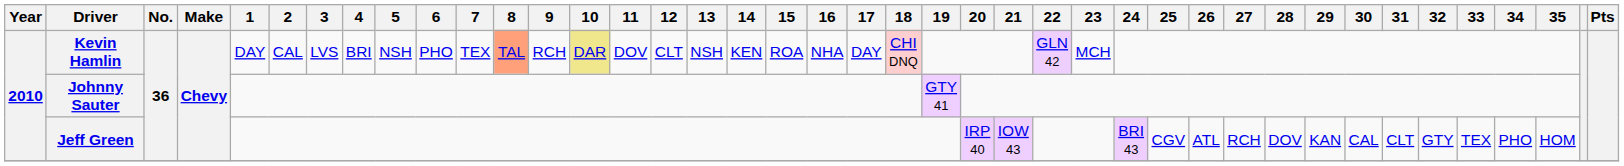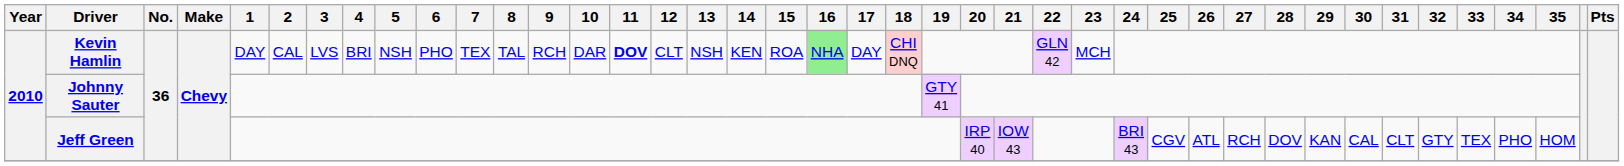 <table class="wikitable" style="text-align:center; font-size:75%">
 <tr>
 <th>Year</th>
 <th>Driver</th>
 <th>No.</th>
 <th>Make</th>
 <th>1</th>
 <th>2</th>
 <th>3</th>
 <th>4</th>
 <th>5</th>
 <th>6</th>
 <th>7</th>
 <th>8</th>
 <th>9</th>
 <th>10</th>
 <th>11</th>
 <th>12</th>
 <th>13</th>
 <th>14</th>
 <th>15</th>
 <th>16</th>
 <th>17</th>
 <th>18</th>
 <th>19</th>
 <th>20</th>
 <th>21</th>
 <th>22</th>
 <th>23</th>
 <th>24</th>
 <th>25</th>
 <th>26</th>
 <th>27</th>
 <th>28</th>
 <th>29</th>
 <th>30</th>
 <th>31</th>
 <th>32</th>
 <th>33</th>
 <th>34</th>
 <th>35</th>
 <th></th>
 <th>Pts</th>
 </tr>
 <tr>
 <th rowspan=3><a href='#'>2010</a></th>
 <th><a href='#'>Kevin Hamlin</a></th>
 <th rowspan=3>36</th>
 <th rowspan=3><a href='#'>Chevy</a></th>
 <td><a href='#'>DAY</a></td>
 <td><a href='#'>CAL</a></td>
 <td><a href='#'>LVS</a></td>
 <td><a href='#'>BRI</a></td>
 <td><a href='#'>NSH</a></td>
 <td><a href='#'>PHO</a></td>
 <td><a href='#'>TEX</a></td>
-<td style="background: lightsalmon;"><a href='#'>TAL</a></td>
+<td><a href='#'>TAL</a></td>
 <td><a href='#'>RCH</a></td>
-<td style="background: khaki;"><a href='#'>DAR</a></td>
-<td><a href='#'>DOV</a></td>
+<td><a href='#'>DAR</a></td>
+<td><strong><a href='#'>DOV</a></strong></td>
 <td><a href='#'>CLT</a></td>
 <td><a href='#'>NSH</a></td>
 <td><a href='#'>KEN</a></td>
 <td><a href='#'>ROA</a></td>
-<td><a href='#'>NHA</a></td>
+<td style="background: lightgreen;"><a href='#'>NHA</a></td>
 <td><a href='#'>DAY</a></td>
 <td style="background:#FFCFCF;"><a href='#'>CHI</a><br><small>DNQ</small></td>
 <td colspan=3></td>
 <td style="background:#EFCFFF;"><a href='#'>GLN</a><br><small>42</small></td>
 <td><a href='#'>MCH</a></td>
 <td colspan=12></td>
 <th rowspan=3></th>
 <th rowspan=3></th>
 </tr>
 <tr>
 <th><a href='#'>Johnny Sauter</a></th>
 <td colspan=18></td>
 <td style="background:#EFCFFF;"><a href='#'>GTY</a><br><small>41</small></td>
 <td colspan=16></td>
 </tr>
 <tr>
 <th><a href='#'>Jeff Green</a></th>
 <td colspan=19></td>
 <td style="background:#EFCFFF;"><a href='#'>IRP</a><br><small>40</small></td>
 <td style="background:#EFCFFF;"><a href='#'>IOW</a><br><small>43</small></td>
 <td colspan=2></td>
 <td style="background:#EFCFFF;"><a href='#'>BRI</a><br><small>43</small></td>
 <td><a href='#'>CGV</a></td>
 <td><a href='#'>ATL</a></td>
 <td><a href='#'>RCH</a></td>
 <td><a href='#'>DOV</a></td>
 <td><a href='#'>KAN</a></td>
 <td><a href='#'>CAL</a></td>
 <td><a href='#'>CLT</a></td>
 <td><a href='#'>GTY</a></td>
 <td><a href='#'>TEX</a></td>
 <td><a href='#'>PHO</a></td>
 <td><a href='#'>HOM</a></td>
 </tr>
 <tr>
 </tr>
 </table>
